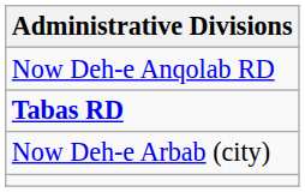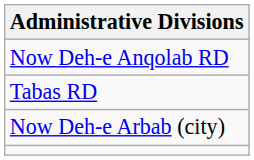 <table class="wikitable">
 <tr>
 <th>Administrative Divisions</th>
 </tr>
 <tr>
 <td><a href='#'>Now Deh-e Anqolab RD</a></td>
 </tr>
 <tr>
-<td><strong><a href='#'>Tabas RD</a></strong></td>
+<td><a href='#'>Tabas RD</a></td>
 </tr>
 <tr>
 <td><a href='#'>Now Deh-e Arbab</a> (city)</td>
 </tr>
 <tr>
 <td colspan=1></td>
 </tr>
 </table>
